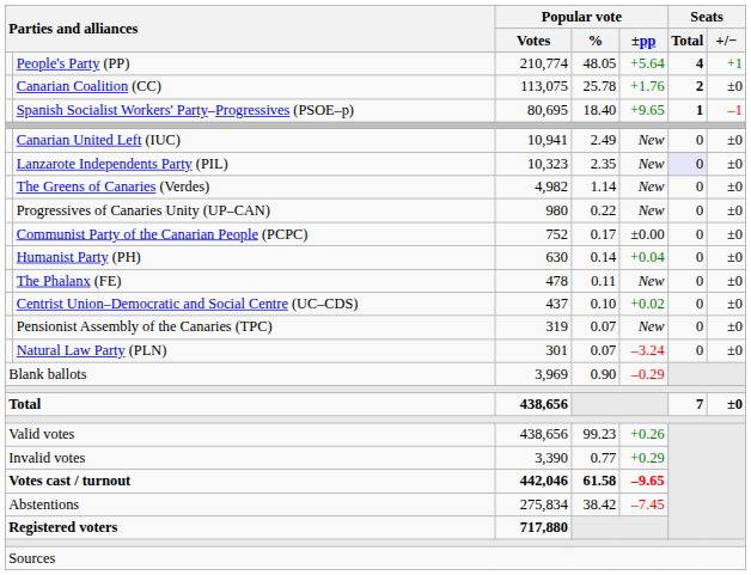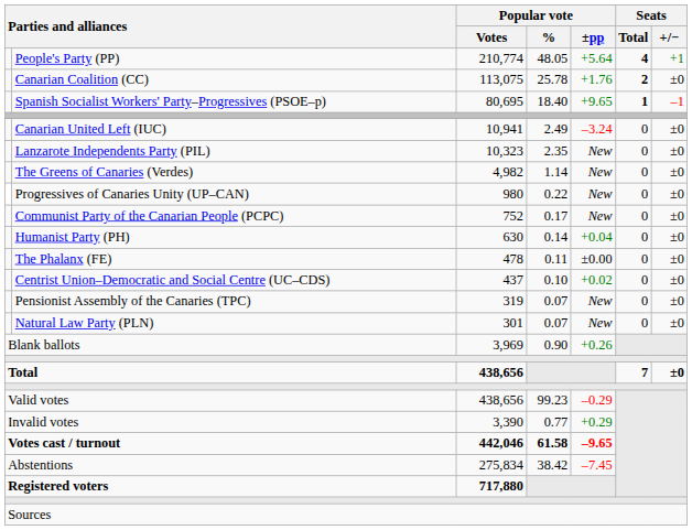 <table class="wikitable" style="text-align:right;">
 <tr>
 <th style="text-align:left;" rowspan="2" colspan="2" width="525">Parties and alliances</th>
 <th colspan="3">Popular vote</th>
 <th colspan="2">Seats</th>
 </tr>
 <tr>
 <th width="75">Votes</th>
 <th width="45">%</th>
 <th width="45">±<a href='#'>pp</a></th>
 <th width="35">Total</th>
 <th width="35">+/−</th>
 </tr>
 <tr>
 <td width="1" style="color:inherit;background:"></td>
 <td align="left"><a href='#'>People's Party</a> (PP)</td>
 <td>210,774</td>
 <td>48.05</td>
 <td style="color:green;">+5.64</td>
 <td><strong>4</strong></td>
 <td style="color:green;">+1</td>
 </tr>
 <tr>
 <td style="color:inherit;background:"></td>
 <td align="left"><a href='#'>Canarian Coalition</a> (CC)</td>
 <td>113,075</td>
 <td>25.78</td>
 <td style="color:green;">+1.76</td>
 <td><strong>2</strong></td>
 <td>±0</td>
 </tr>
 <tr>
 <td style="color:inherit;background:"></td>
 <td align="left"><a href='#'>Spanish Socialist Workers' Party</a>–<a href='#'>Progressives</a> (PSOE–p)</td>
 <td>80,695</td>
 <td>18.40</td>
 <td style="color:green;">+9.65</td>
 <td><strong>1</strong></td>
 <td style="color:red;">–1</td>
 </tr>
 <tr>
 <td colspan="7" bgcolor="#C0C0C0"></td>
 </tr>
 <tr>
 <td style="color:inherit;background:"></td>
 <td align="left"><a href='#'>Canarian United Left</a> (IUC)</td>
 <td>10,941</td>
 <td>2.49</td>
-<td><em>New</em></td>
+<td style="color:red;">–3.24</td>
 <td>0</td>
 <td>±0</td>
 </tr>
 <tr>
 <td style="color:inherit;background:"></td>
 <td align="left"><a href='#'>Lanzarote Independents Party</a> (PIL)</td>
 <td>10,323</td>
 <td>2.35</td>
 <td><em>New</em></td>
-<td style="background: lavender;">0</td>
+<td>0</td>
 <td>±0</td>
 </tr>
 <tr>
 <td style="color:inherit;background:"></td>
 <td align="left"><a href='#'>The Greens of Canaries</a> (Verdes)</td>
 <td>4,982</td>
 <td>1.14</td>
 <td><em>New</em></td>
 <td>0</td>
 <td>±0</td>
 </tr>
 <tr>
 <td bgcolor="white"></td>
 <td align="left">Progressives of Canaries Unity (UP–CAN)</td>
 <td>980</td>
 <td>0.22</td>
 <td><em>New</em></td>
 <td>0</td>
 <td>±0</td>
 </tr>
 <tr>
 <td style="color:inherit;background:"></td>
 <td align="left"><a href='#'>Communist Party of the Canarian People</a> (PCPC)</td>
 <td>752</td>
 <td>0.17</td>
-<td>±0.00</td>
+<td><em>New</em></td>
 <td>0</td>
 <td>±0</td>
 </tr>
 <tr>
 <td style="color:inherit;background:"></td>
 <td align="left"><a href='#'>Humanist Party</a> (PH)</td>
 <td>630</td>
 <td>0.14</td>
 <td style="color:green;">+0.04</td>
 <td>0</td>
 <td>±0</td>
 </tr>
 <tr>
 <td style="color:inherit;background:"></td>
 <td align="left"><a href='#'>The Phalanx</a> (FE)</td>
 <td>478</td>
 <td>0.11</td>
-<td><em>New</em></td>
+<td>±0.00</td>
 <td>0</td>
 <td>±0</td>
 </tr>
 <tr>
 <td style="color:inherit;background:"></td>
 <td align="left"><a href='#'>Centrist Union–Democratic and Social Centre</a> (UC–CDS)</td>
 <td>437</td>
 <td>0.10</td>
 <td style="color:green;">+0.02</td>
 <td>0</td>
 <td>±0</td>
 </tr>
 <tr>
 <td style="color:inherit;background:"></td>
 <td align="left">Pensionist Assembly of the Canaries (TPC)</td>
 <td>319</td>
 <td>0.07</td>
 <td><em>New</em></td>
 <td>0</td>
 <td>±0</td>
 </tr>
 <tr>
 <td style="color:inherit;background:"></td>
 <td align="left"><a href='#'>Natural Law Party</a> (PLN)</td>
 <td>301</td>
 <td>0.07</td>
-<td style="color:red;">–3.24</td>
+<td><em>New</em></td>
 <td>0</td>
 <td>±0</td>
 </tr>
 <tr>
 <td align="left" colspan="2">Blank ballots</td>
 <td>3,969</td>
 <td>0.90</td>
-<td style="color:red;">–0.29</td>
+<td style="color:green;">+0.26</td>
 <td bgcolor="#E9E9E9" colspan="2"></td>
 </tr>
 <tr>
 <td colspan="7" bgcolor="#E9E9E9"></td>
 </tr>
 <tr style="font-weight:bold;">
 <td align="left" colspan="2">Total</td>
 <td>438,656</td>
 <td bgcolor="#E9E9E9" colspan="2"></td>
 <td>7</td>
 <td>±0</td>
 </tr>
 <tr>
 <td colspan="7" bgcolor="#E9E9E9"></td>
 </tr>
 <tr>
 <td align="left" colspan="2">Valid votes</td>
 <td>438,656</td>
 <td>99.23</td>
-<td style="color:green;">+0.26</td>
+<td style="color:red;">–0.29</td>
 <td bgcolor="#E9E9E9" colspan="2" rowspan="5"></td>
 </tr>
 <tr>
 <td align="left" colspan="2">Invalid votes</td>
 <td>3,390</td>
 <td>0.77</td>
 <td style="color:green;">+0.29</td>
 </tr>
 <tr style="font-weight:bold;">
 <td align="left" colspan="2">Votes cast / turnout</td>
 <td>442,046</td>
 <td>61.58</td>
 <td style="color:red;">–9.65</td>
 </tr>
 <tr>
 <td align="left" colspan="2">Abstentions</td>
 <td>275,834</td>
 <td>38.42</td>
 <td style="color:red;">–7.45</td>
 </tr>
 <tr style="font-weight:bold;">
 <td align="left" colspan="2">Registered voters</td>
 <td>717,880</td>
 <td bgcolor="#E9E9E9" colspan="2"></td>
 </tr>
 <tr>
 <td colspan="7" bgcolor="#E9E9E9"></td>
 </tr>
 <tr>
 <td align="left" colspan="7">Sources</td>
 </tr>
 </table>
